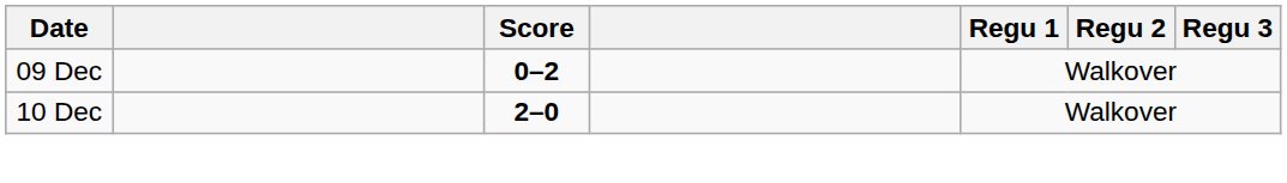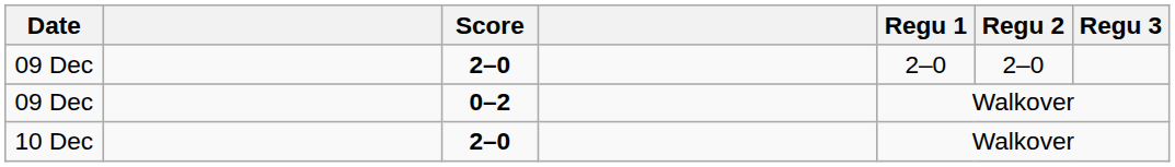 <table class="wikitable" style="text-align: center; font-size:90% ">
 <tr>
 <th width="50">Date</th>
 <th align="right" width="190"></th>
 <th width="50">Score</th>
 <th align="left" width="190"></th>
 <th width="50">Regu 1</th>
 <th width="50">Regu 2</th>
 <th width="50">Regu 3</th>
+</tr>
+<tr>
+<td>09 Dec</td>
+<td align=right><strong></strong></td>
+<td align=center><strong>2–0</strong></td>
+<td align=left></td>
+<td>2–0</td>
+<td>2–0</td>
+<td></td>
 </tr>
 <tr>
 <td>09 Dec</td>
 <td align=right></td>
 <td align=center><strong>0–2</strong></td>
 <td align=left><strong></strong></td>
 <td colspan=3>Walkover</td>
 </tr>
 <tr>
 <td>10 Dec</td>
 <td align=right><strong></strong></td>
 <td align=center><strong>2–0</strong></td>
 <td align=left></td>
 <td colspan=3>Walkover</td>
 </tr>
 </table>
